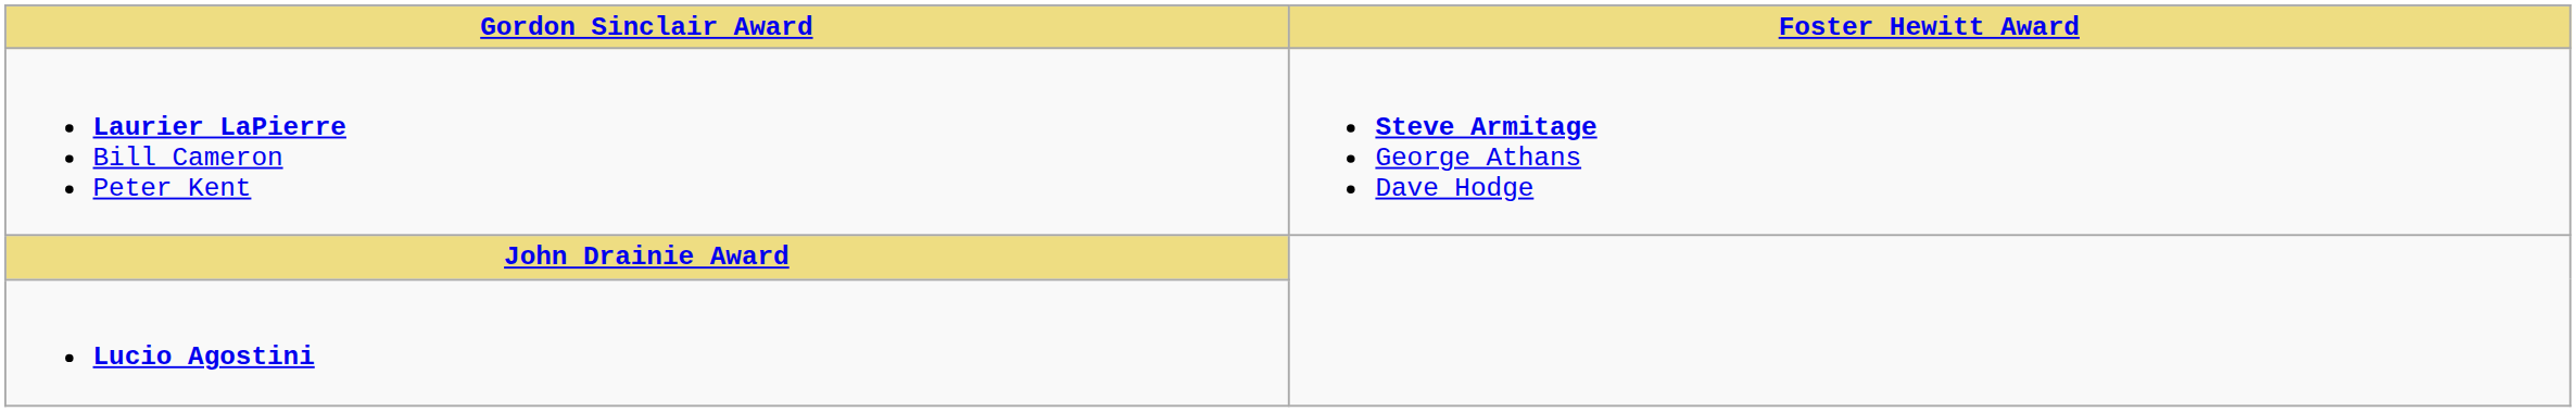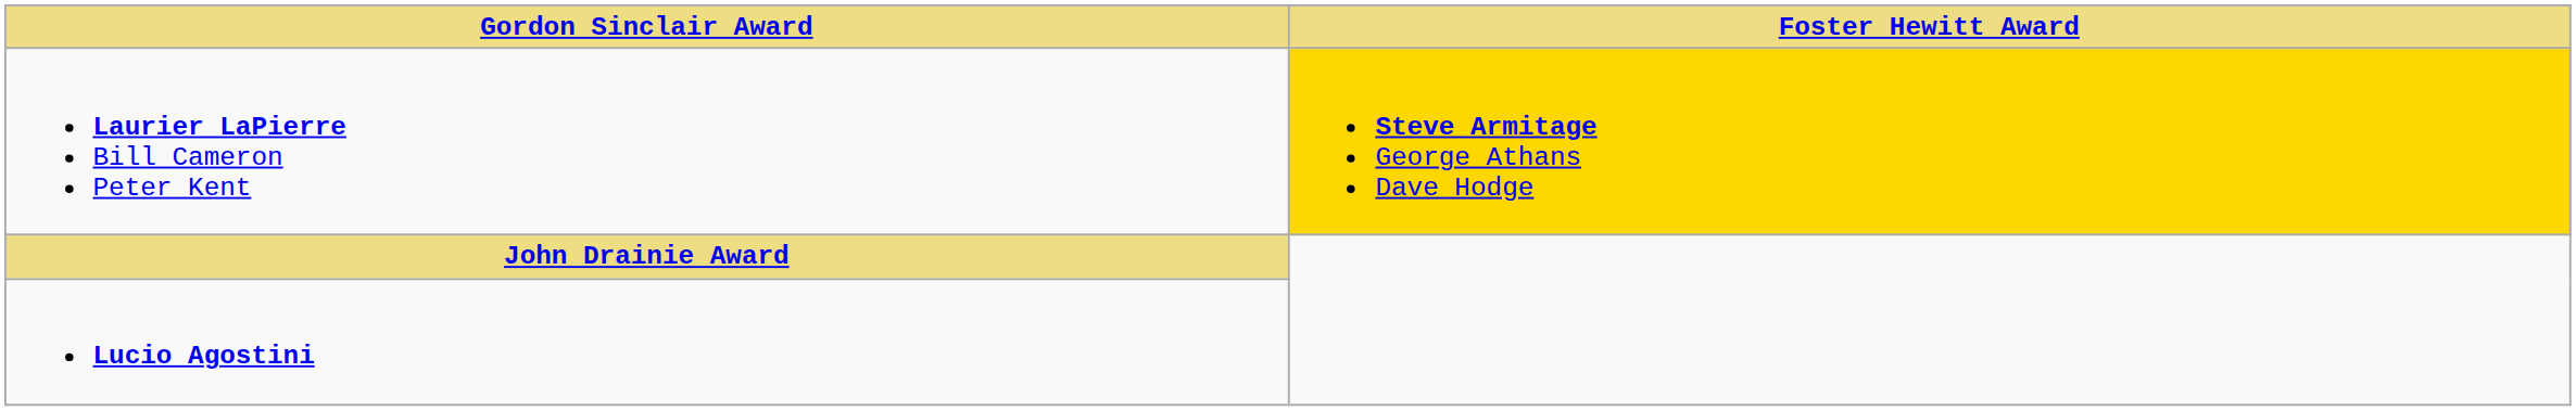 <table class=wikitable width="100%">
 <tr>
 <th style="background:#EEDD82; width:50%"><a href='#'>Gordon Sinclair Award</a></th>
 <th style="background:#EEDD82; width:50%"><a href='#'>Foster Hewitt Award</a></th>
 </tr>
 <tr>
 <td valign="top"><br><ul><li> <strong><a href='#'>Laurier LaPierre</a></strong></li><li><a href='#'>Bill Cameron</a></li><li><a href='#'>Peter Kent</a></li></ul></td>
-<td valign="top"><br><ul><li> <strong><a href='#'>Steve Armitage</a></strong></li><li><a href='#'>George Athans</a></li><li><a href='#'>Dave Hodge</a></li></ul></td>
+<td valign="top" style="background: gold;"><br><ul><li> <strong><a href='#'>Steve Armitage</a></strong></li><li><a href='#'>George Athans</a></li><li><a href='#'>Dave Hodge</a></li></ul></td>
 </tr>
 <tr>
 <th style="background:#EEDD82; width:50%"><a href='#'>John Drainie Award</a></th>
 </tr>
 <tr>
 <td valign="top"><br><ul><li> <strong><a href='#'>Lucio Agostini</a></strong></li></ul></td>
 </tr>
 </table>
